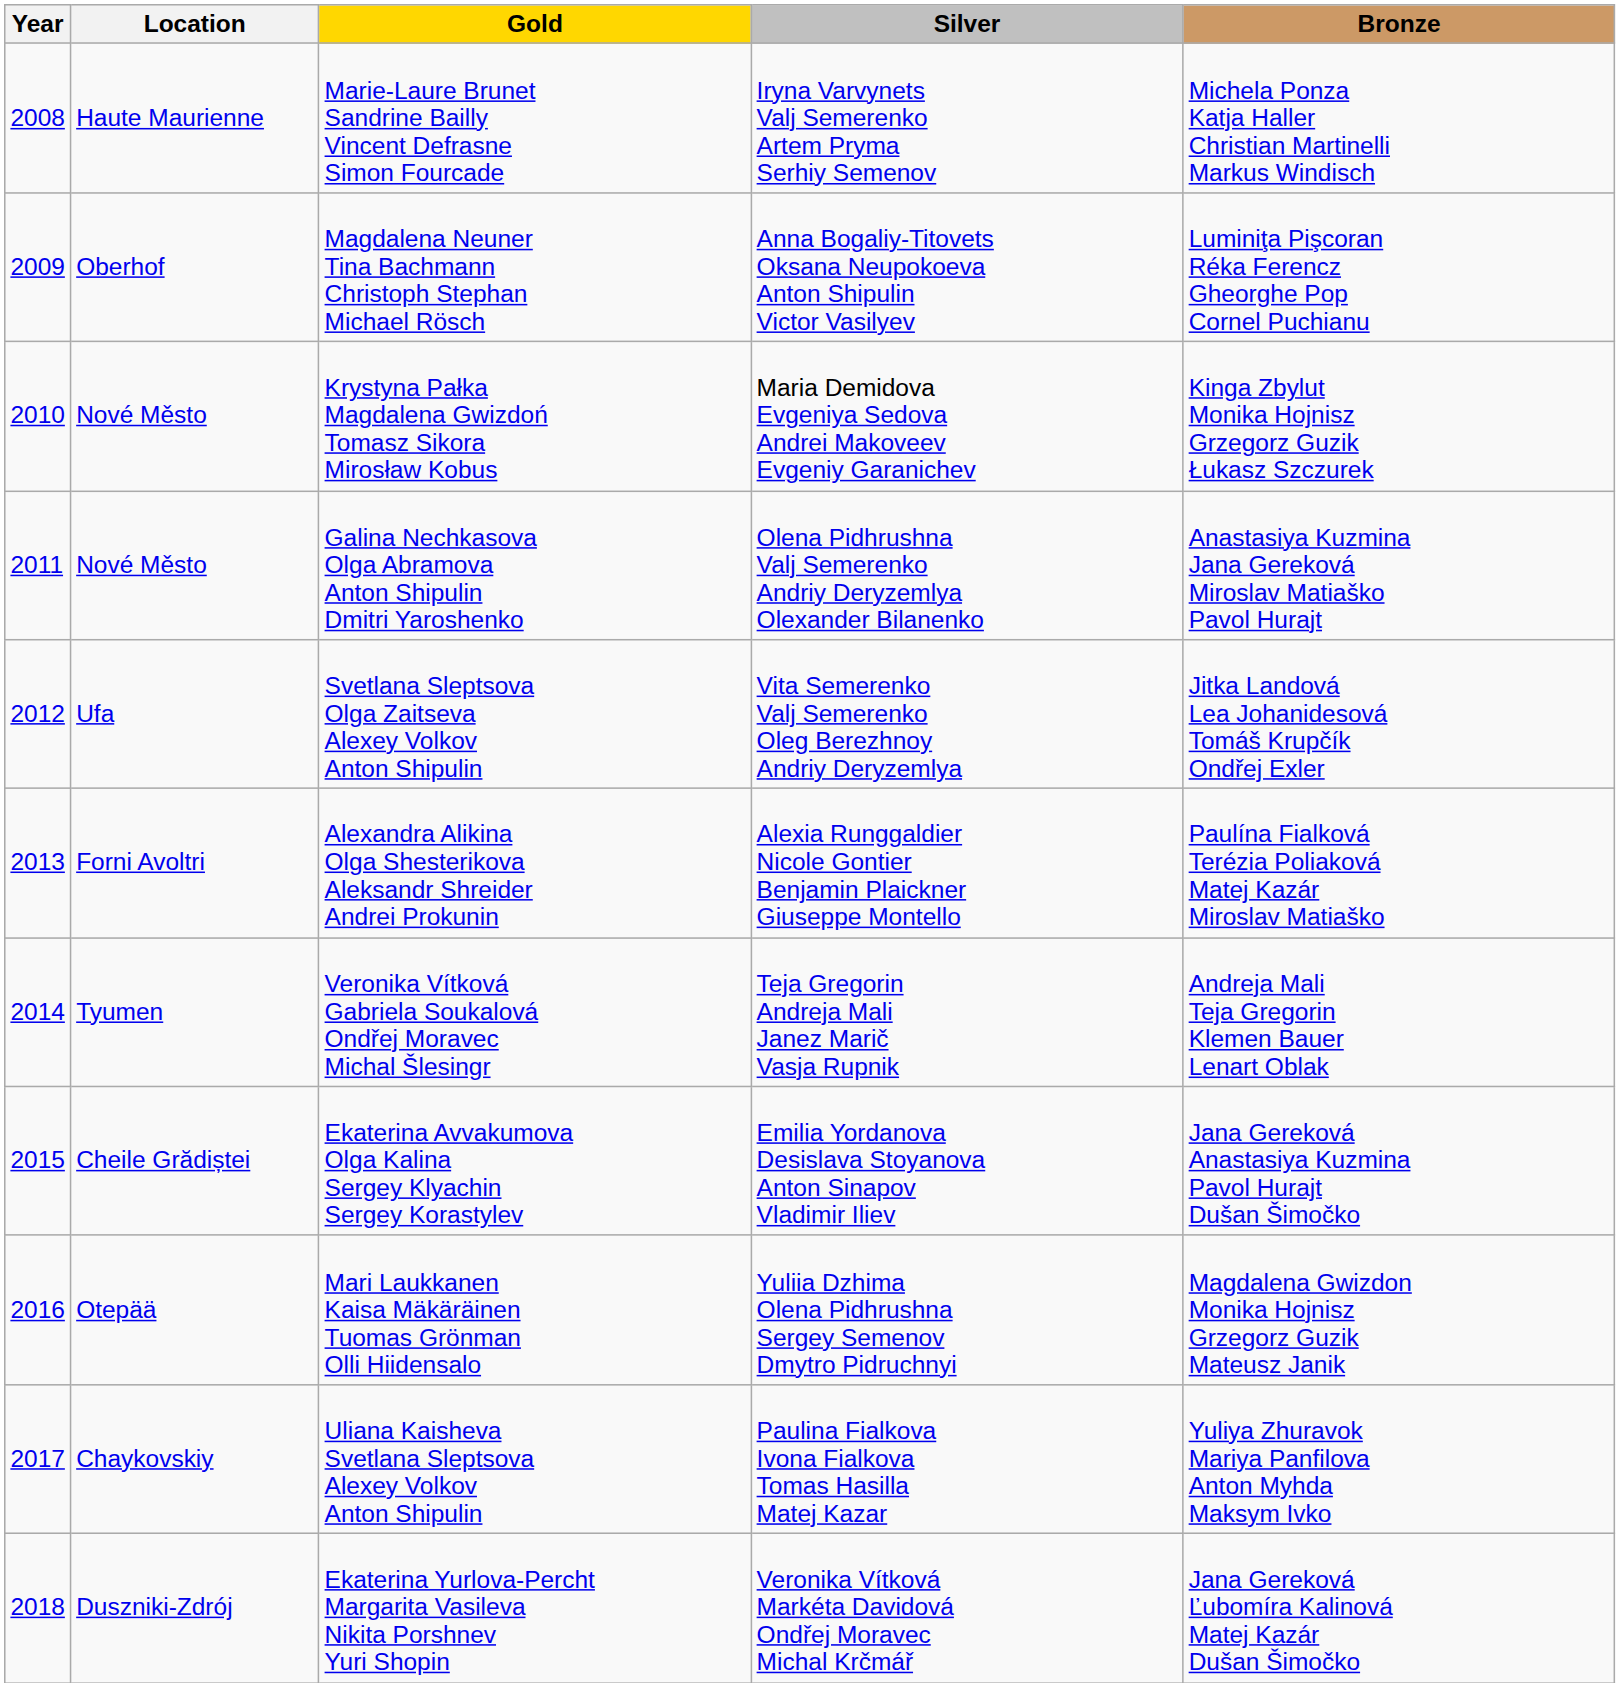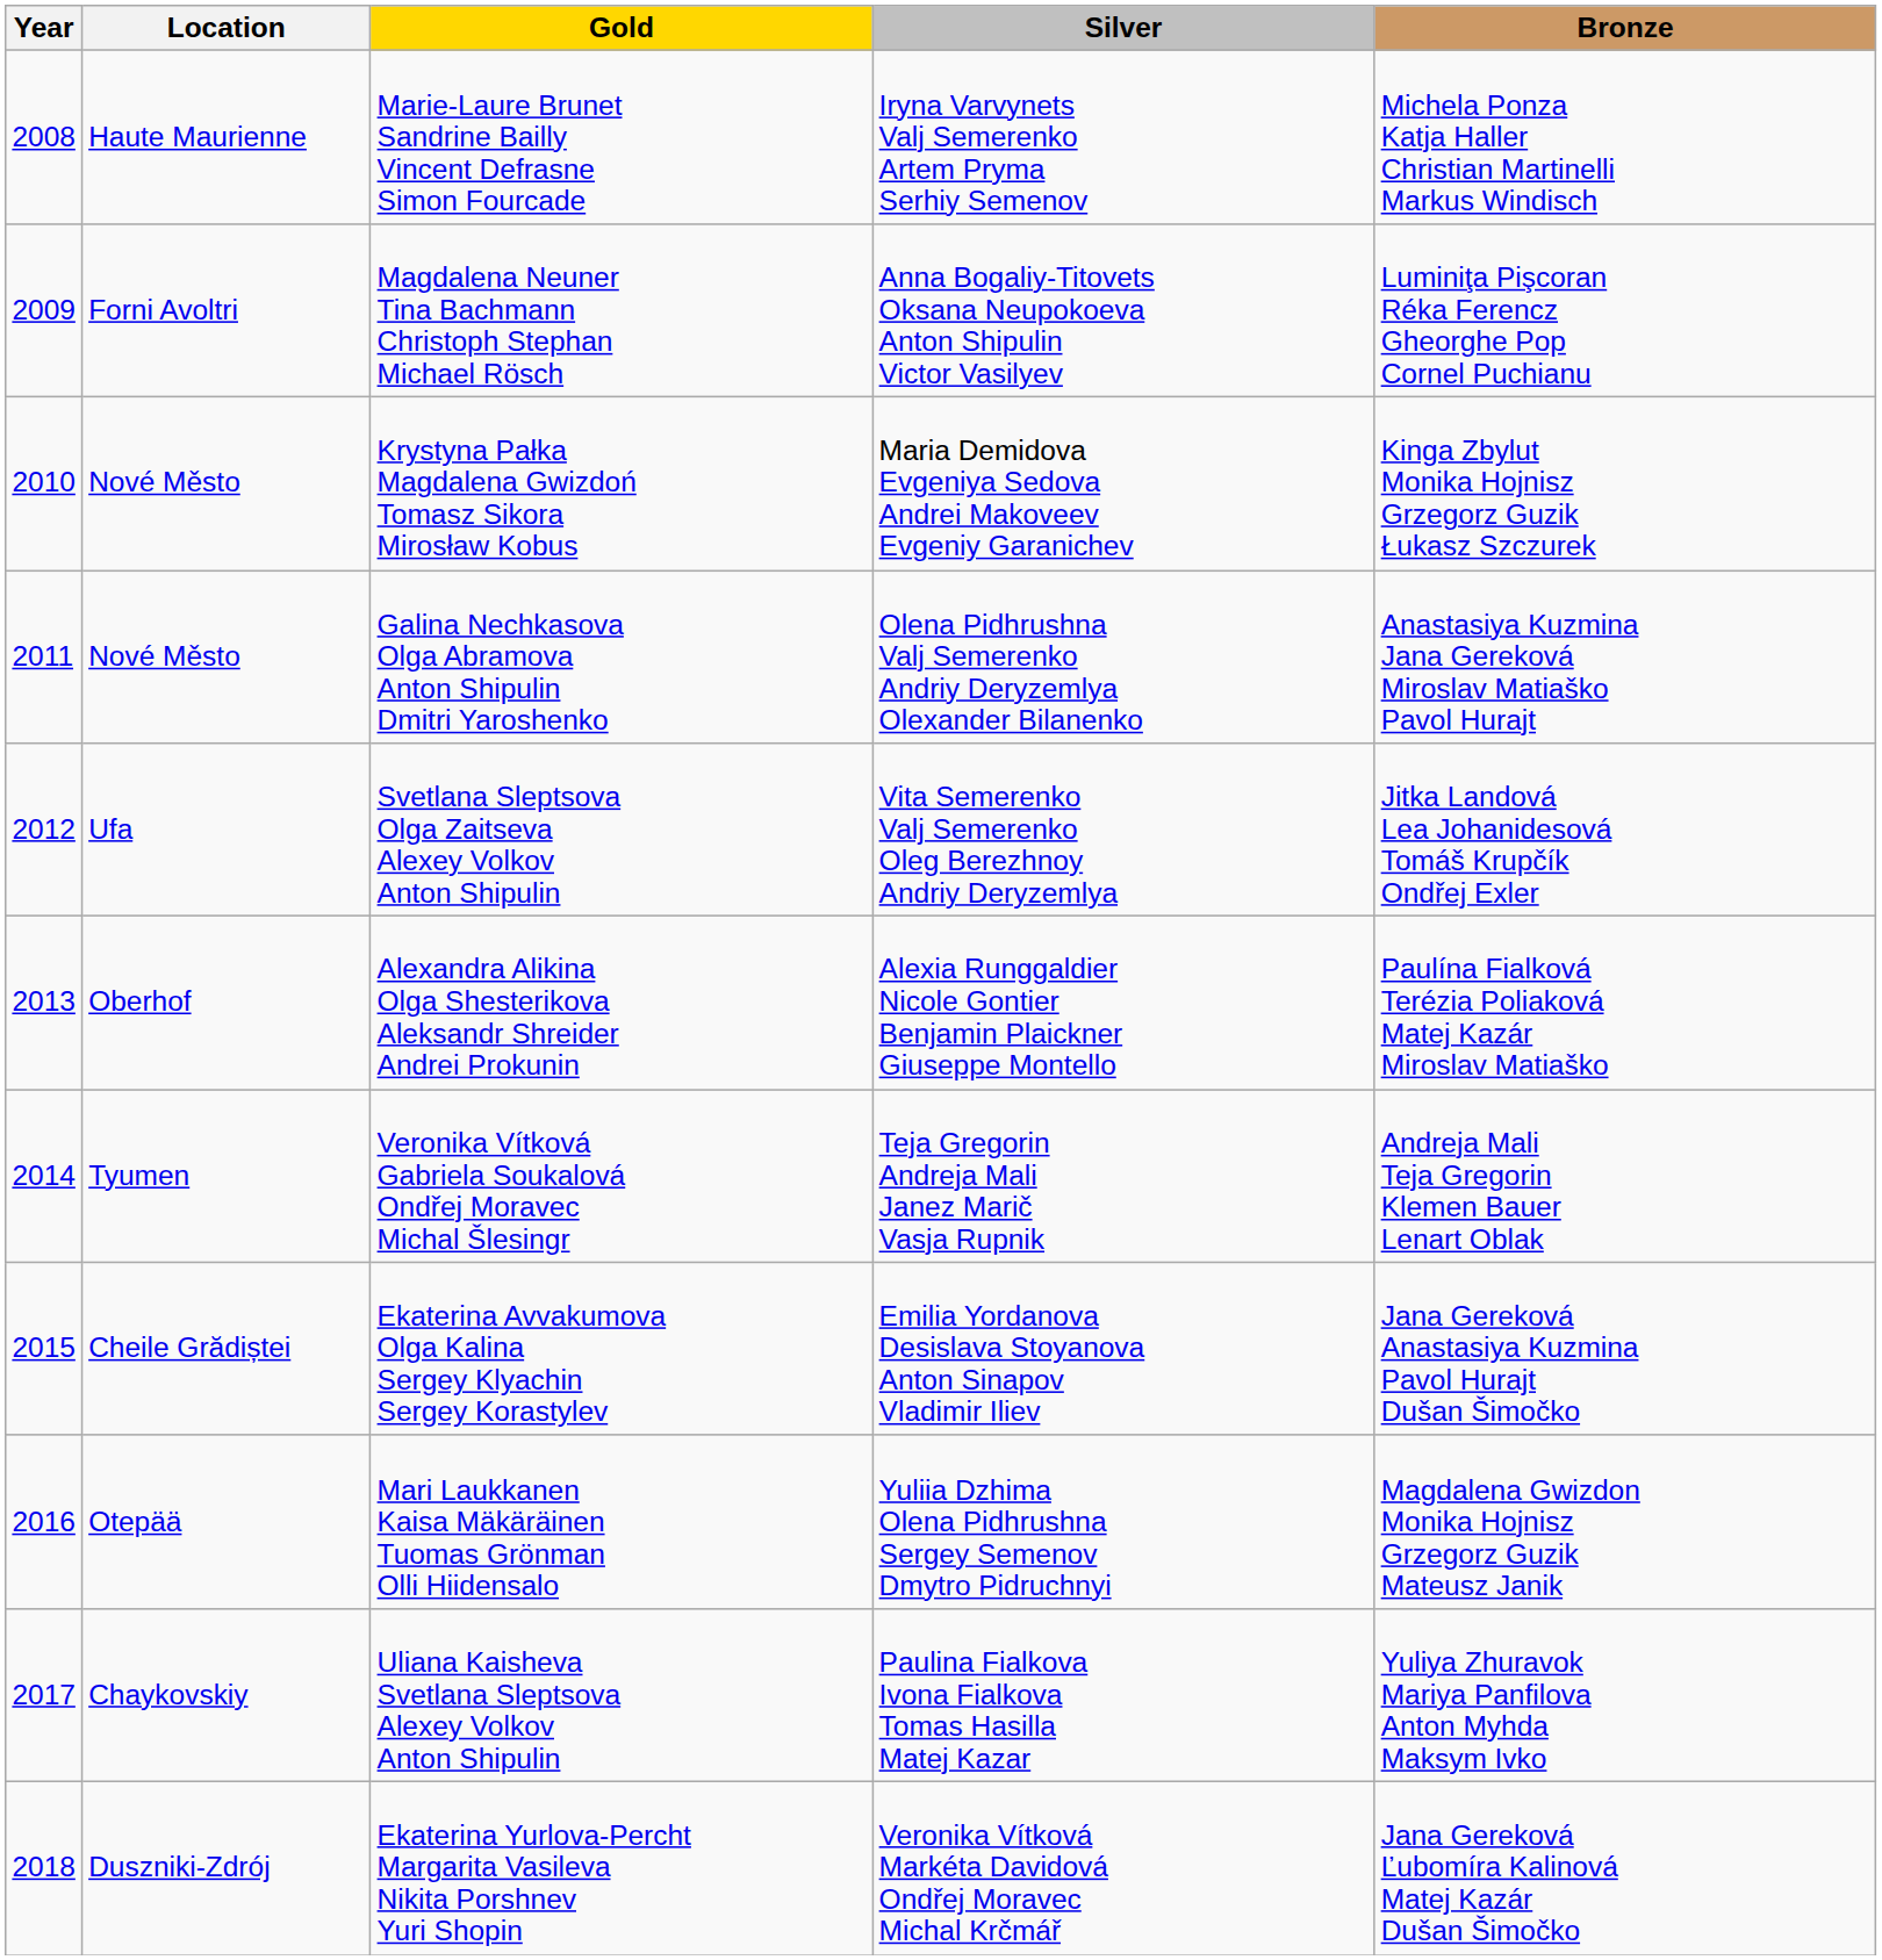 <table class="wikitable">
 <tr>
 <th>Year</th>
 <th width="155">Location</th>
 <th style="background:gold" width="275">Gold</th>
 <th style="background:silver" width="275">Silver</th>
 <th style="background:#cc9966" width="275">Bronze</th>
 </tr>
 <tr>
 <td><a href='#'>2008</a></td>
 <td> <a href='#'>Haute Maurienne</a></td>
 <td><br><a href='#'>Marie-Laure Brunet</a><br><a href='#'>Sandrine Bailly</a><br><a href='#'>Vincent Defrasne</a><br><a href='#'>Simon Fourcade</a></td>
 <td><br><a href='#'>Iryna Varvynets</a><br><a href='#'>Valj Semerenko</a><br><a href='#'>Artem Pryma</a><br><a href='#'>Serhiy Semenov</a></td>
 <td><br><a href='#'>Michela Ponza</a><br><a href='#'>Katja Haller</a><br><a href='#'>Christian Martinelli</a><br><a href='#'>Markus Windisch</a></td>
 </tr>
 <tr>
 <td><a href='#'>2009</a></td>
-<td> <a href='#'>Oberhof</a></td>
+<td> <a href='#'>Forni Avoltri</a></td>
 <td><br><a href='#'>Magdalena Neuner</a><br><a href='#'>Tina Bachmann</a><br><a href='#'>Christoph Stephan</a><br><a href='#'>Michael Rösch</a></td>
 <td><br><a href='#'>Anna Bogaliy-Titovets</a><br><a href='#'>Oksana Neupokoeva</a><br><a href='#'>Anton Shipulin</a><br><a href='#'>Victor Vasilyev</a></td>
 <td><br><a href='#'>Luminiţa Pişcoran</a><br><a href='#'>Réka Ferencz</a><br><a href='#'>Gheorghe Pop</a><br><a href='#'>Cornel Puchianu</a></td>
 </tr>
 <tr>
 <td><a href='#'>2010</a></td>
 <td> <a href='#'>Nové Město</a></td>
 <td><br><a href='#'>Krystyna Pałka</a><br><a href='#'>Magdalena Gwizdoń</a><br><a href='#'>Tomasz Sikora</a><br><a href='#'>Mirosław Kobus</a></td>
 <td><br>Maria Demidova<br><a href='#'>Evgeniya Sedova</a><br><a href='#'>Andrei Makoveev</a><br><a href='#'>Evgeniy Garanichev</a></td>
 <td><br><a href='#'>Kinga Zbylut</a><br><a href='#'>Monika Hojnisz</a><br><a href='#'>Grzegorz Guzik</a><br><a href='#'>Łukasz Szczurek</a></td>
 </tr>
 <tr>
 <td><a href='#'>2011</a></td>
 <td> <a href='#'>Nové Město</a></td>
 <td><br><a href='#'>Galina Nechkasova</a><br><a href='#'>Olga Abramova</a><br><a href='#'>Anton Shipulin</a><br><a href='#'>Dmitri Yaroshenko</a></td>
 <td><br><a href='#'>Olena Pidhrushna</a><br><a href='#'>Valj Semerenko</a><br><a href='#'>Andriy Deryzemlya</a><br><a href='#'>Olexander Bilanenko</a></td>
 <td><br><a href='#'>Anastasiya Kuzmina</a><br><a href='#'>Jana Gereková</a><br><a href='#'>Miroslav Matiaško</a><br><a href='#'>Pavol Hurajt</a></td>
 </tr>
 <tr>
 <td><a href='#'>2012</a></td>
 <td> <a href='#'>Ufa</a></td>
 <td><br><a href='#'>Svetlana Sleptsova</a><br><a href='#'>Olga Zaitseva</a><br><a href='#'>Alexey Volkov</a><br><a href='#'>Anton Shipulin</a></td>
 <td><br><a href='#'>Vita Semerenko</a><br><a href='#'>Valj Semerenko</a><br><a href='#'>Oleg Berezhnoy</a><br><a href='#'>Andriy Deryzemlya</a></td>
 <td><br><a href='#'>Jitka Landová</a><br><a href='#'>Lea Johanidesová</a><br><a href='#'>Tomáš Krupčík</a><br><a href='#'>Ondřej Exler</a></td>
 </tr>
 <tr>
 <td><a href='#'>2013</a></td>
-<td> <a href='#'>Forni Avoltri</a></td>
+<td> <a href='#'>Oberhof</a></td>
 <td><br><a href='#'>Alexandra Alikina</a><br><a href='#'>Olga Shesterikova</a><br><a href='#'>Aleksandr Shreider</a><br><a href='#'>Andrei Prokunin</a></td>
 <td><br><a href='#'>Alexia Runggaldier</a><br><a href='#'>Nicole Gontier</a><br><a href='#'>Benjamin Plaickner</a><br><a href='#'>Giuseppe Montello</a></td>
 <td><br><a href='#'>Paulína Fialková</a><br><a href='#'>Terézia Poliaková</a><br><a href='#'>Matej Kazár</a><br><a href='#'>Miroslav Matiaško</a></td>
 </tr>
 <tr>
 <td><a href='#'>2014</a></td>
 <td> <a href='#'>Tyumen</a></td>
 <td><br><a href='#'>Veronika Vítková</a><br><a href='#'>Gabriela Soukalová</a><br><a href='#'>Ondřej Moravec</a><br><a href='#'>Michal Šlesingr</a></td>
 <td><br><a href='#'>Teja Gregorin</a><br><a href='#'>Andreja Mali</a><br><a href='#'>Janez Marič</a><br><a href='#'>Vasja Rupnik</a></td>
 <td><br><a href='#'>Andreja Mali</a><br><a href='#'>Teja Gregorin</a><br><a href='#'>Klemen Bauer</a><br><a href='#'>Lenart Oblak</a></td>
 </tr>
 <tr>
 <td><a href='#'>2015</a></td>
 <td> <a href='#'>Cheile Grădiștei</a></td>
 <td><br><a href='#'>Ekaterina Avvakumova</a><br><a href='#'>Olga Kalina</a><br><a href='#'>Sergey Klyachin</a><br><a href='#'>Sergey Korastylev</a></td>
 <td><br><a href='#'>Emilia Yordanova</a><br><a href='#'>Desislava Stoyanova</a><br><a href='#'>Anton Sinapov</a><br><a href='#'>Vladimir Iliev</a></td>
 <td><br><a href='#'>Jana Gereková</a><br><a href='#'>Anastasiya Kuzmina</a><br><a href='#'>Pavol Hurajt</a><br><a href='#'>Dušan Šimočko</a></td>
 </tr>
 <tr>
 <td><a href='#'>2016</a></td>
 <td> <a href='#'>Otepää</a></td>
 <td><br><a href='#'>Mari Laukkanen</a><br><a href='#'>Kaisa Mäkäräinen</a><br><a href='#'>Tuomas Grönman</a><br><a href='#'>Olli Hiidensalo</a></td>
 <td><br><a href='#'>Yuliia Dzhima</a><br><a href='#'>Olena Pidhrushna</a><br><a href='#'>Sergey Semenov</a><br><a href='#'>Dmytro Pidruchnyi</a></td>
 <td><br><a href='#'>Magdalena Gwizdon</a><br><a href='#'>Monika Hojnisz</a><br><a href='#'>Grzegorz Guzik</a><br><a href='#'>Mateusz Janik</a></td>
 </tr>
 <tr>
 <td><a href='#'>2017</a></td>
 <td> <a href='#'>Chaykovskiy</a></td>
 <td><br><a href='#'>Uliana Kaisheva</a><br><a href='#'>Svetlana Sleptsova</a><br><a href='#'>Alexey Volkov</a><br><a href='#'>Anton Shipulin</a></td>
 <td><br><a href='#'>Paulina Fialkova</a><br><a href='#'>Ivona Fialkova</a><br><a href='#'>Tomas Hasilla</a><br><a href='#'>Matej Kazar</a></td>
 <td><br><a href='#'>Yuliya Zhuravok</a><br><a href='#'>Mariya Panfilova</a><br><a href='#'>Anton Myhda</a><br><a href='#'>Maksym Ivko</a></td>
 </tr>
 <tr>
 <td><a href='#'>2018</a></td>
 <td> <a href='#'>Duszniki-Zdrój</a></td>
 <td><br><a href='#'>Ekaterina Yurlova-Percht</a><br><a href='#'>Margarita Vasileva</a><br><a href='#'>Nikita Porshnev</a><br><a href='#'>Yuri Shopin</a></td>
 <td><br><a href='#'>Veronika Vítková</a><br><a href='#'>Markéta Davidová</a><br><a href='#'>Ondřej Moravec</a><br><a href='#'>Michal Krčmář</a></td>
 <td><br><a href='#'>Jana Gereková</a><br><a href='#'>Ľubomíra Kalinová</a><br><a href='#'>Matej Kazár</a><br><a href='#'>Dušan Šimočko</a></td>
 </tr>
 </table>
